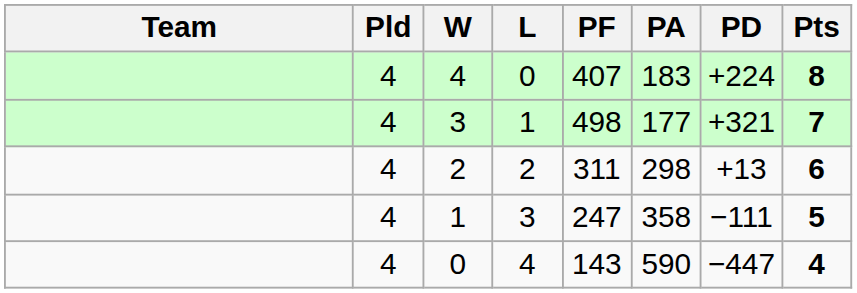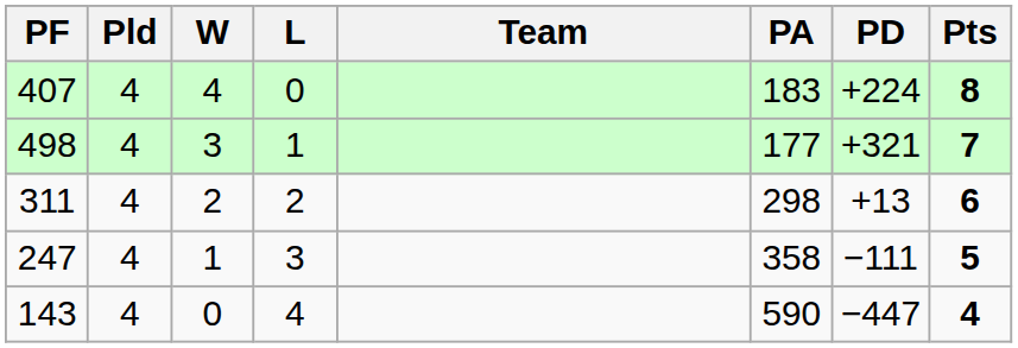 <table class=wikitable style="text-align:center">
 <tr>
-<th width=180>Team</th>
+<th width=30>PF</th>
 <th width=30>Pld</th>
 <th width=30>W</th>
 <th width=30>L</th>
-<th width=30>PF</th>
+<th width=180>Team</th>
 <th width=30>PA</th>
 <th width=30>PD</th>
 <th width=30>Pts</th>
 </tr>
 <tr align=center bgcolor="#ccffcc">
-<td align=left></td>
+<td>407</td>
 <td>4</td>
 <td>4</td>
 <td>0</td>
-<td>407</td>
+<td align=left></td>
 <td>183</td>
 <td>+224</td>
 <td><strong>8</strong></td>
 </tr>
 <tr align=center bgcolor="#ccffcc">
-<td align=left></td>
+<td>498</td>
 <td>4</td>
 <td>3</td>
 <td>1</td>
-<td>498</td>
+<td align=left></td>
 <td>177</td>
 <td>+321</td>
 <td><strong>7</strong></td>
 </tr>
 <tr align=center>
-<td align=left></td>
+<td>311</td>
 <td>4</td>
 <td>2</td>
 <td>2</td>
-<td>311</td>
+<td align=left></td>
 <td>298</td>
 <td>+13</td>
 <td><strong>6</strong></td>
 </tr>
 <tr align=center>
-<td align=left></td>
+<td>247</td>
 <td>4</td>
 <td>1</td>
 <td>3</td>
-<td>247</td>
+<td align=left></td>
 <td>358</td>
 <td>−111</td>
 <td><strong>5</strong></td>
 </tr>
 <tr align=center>
-<td align=left></td>
+<td>143</td>
 <td>4</td>
 <td>0</td>
 <td>4</td>
-<td>143</td>
+<td align=left></td>
 <td>590</td>
 <td>−447</td>
 <td><strong>4</strong></td>
 </tr>
 </table>
